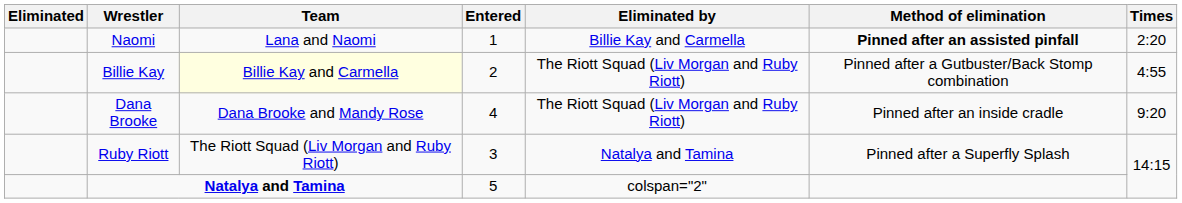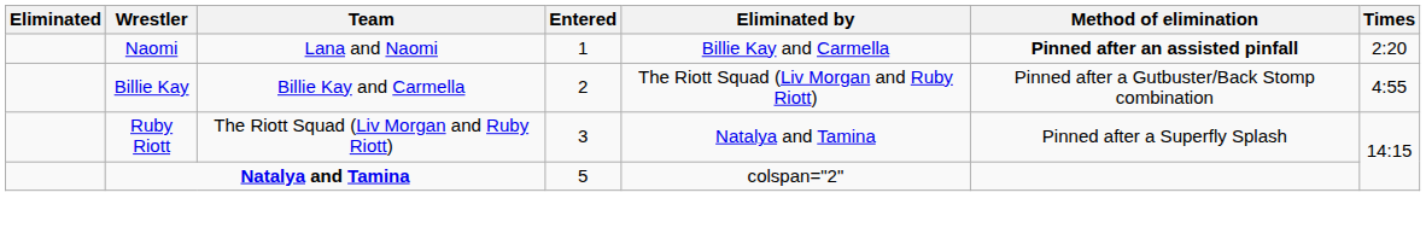 <table class="wikitable sortable" style="text-align:center;">
 <tr>
 <th>Eliminated</th>
 <th>Wrestler</th>
 <th>Team</th>
 <th>Entered</th>
 <th>Eliminated by</th>
 <th>Method of elimination</th>
 <th>Times</th>
 </tr>
 <tr>
 <td></td>
 <td><a href='#'>Naomi</a></td>
 <td><a href='#'>Lana</a> and <a href='#'>Naomi</a></td>
 <td>1</td>
 <td><a href='#'>Billie Kay</a> and <a href='#'>Carmella</a></td>
 <td><strong>Pinned after an assisted pinfall</strong></td>
 <td>2:20</td>
 </tr>
 <tr>
 <td></td>
 <td><a href='#'>Billie Kay</a></td>
-<td style="background: lightyellow;"><a href='#'>Billie Kay</a> and <a href='#'>Carmella</a></td>
+<td><a href='#'>Billie Kay</a> and <a href='#'>Carmella</a></td>
 <td>2</td>
 <td>The Riott Squad (<a href='#'>Liv Morgan</a> and <a href='#'>Ruby Riott</a>)</td>
 <td>Pinned after a Gutbuster/Back Stomp combination</td>
 <td>4:55</td>
-</tr>
-<tr>
-<td></td>
-<td><a href='#'>Dana Brooke</a></td>
-<td><a href='#'>Dana Brooke</a> and <a href='#'>Mandy Rose</a></td>
-<td>4</td>
-<td>The Riott Squad (<a href='#'>Liv Morgan</a> and <a href='#'>Ruby Riott</a>)</td>
-<td>Pinned after an inside cradle</td>
-<td>9:20</td>
 </tr>
 <tr>
 <td></td>
 <td><a href='#'>Ruby Riott</a></td>
 <td>The Riott Squad (<a href='#'>Liv Morgan</a> and <a href='#'>Ruby Riott</a>)</td>
 <td>3</td>
 <td><a href='#'>Natalya</a> and <a href='#'>Tamina</a></td>
 <td>Pinned after a Superfly Splash</td>
 <td rowspan=2>14:15</td>
 </tr>
 <tr>
 <td><strong></strong></td>
 <td colspan="2"><strong><a href='#'>Natalya</a> and <a href='#'>Tamina</a></strong></td>
 <td>5</td>
 <td>colspan="2" </td>
 </tr>
 </table>
